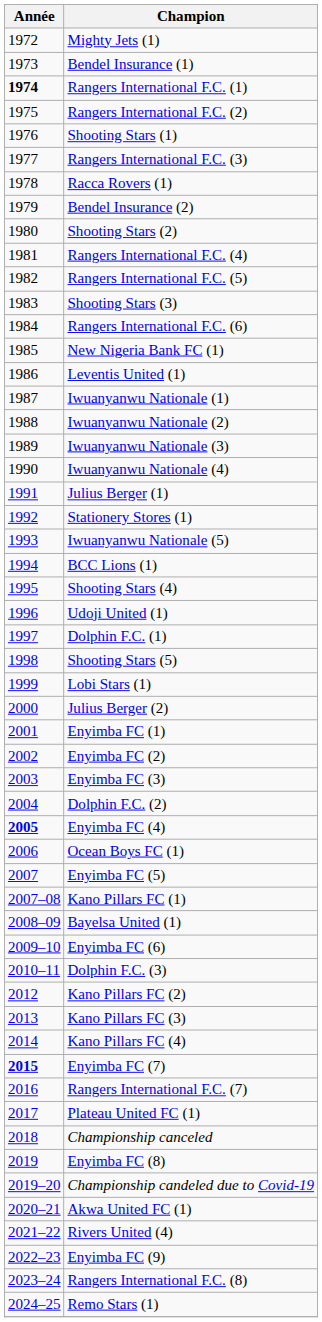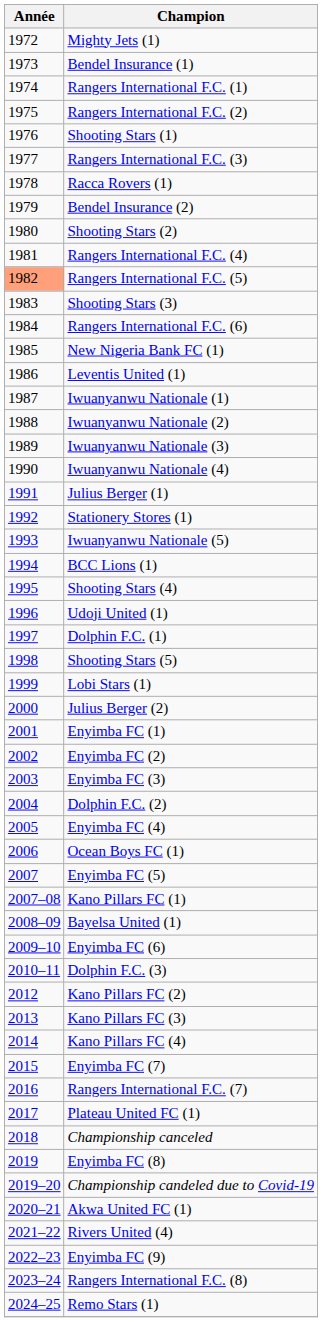 <table class="wikitable">
 <tr>
 <th>Année</th>
 <th>Champion</th>
 </tr>
 <tr>
 <td>1972</td>
 <td><a href='#'>Mighty Jets</a> (1)</td>
 </tr>
 <tr>
 <td>1973</td>
 <td><a href='#'>Bendel Insurance</a> (1)</td>
 </tr>
 <tr>
-<td><strong>1974</strong></td>
+<td>1974</td>
 <td><a href='#'>Rangers International F.C.</a> (1)</td>
 </tr>
 <tr>
 <td>1975</td>
 <td><a href='#'>Rangers International F.C.</a> (2)</td>
 </tr>
 <tr>
 <td>1976</td>
 <td><a href='#'>Shooting Stars</a> (1)</td>
 </tr>
 <tr>
 <td>1977</td>
 <td><a href='#'>Rangers International F.C.</a> (3)</td>
 </tr>
 <tr>
 <td>1978</td>
 <td><a href='#'>Racca Rovers</a> (1)</td>
 </tr>
 <tr>
 <td>1979</td>
 <td><a href='#'>Bendel Insurance</a> (2)</td>
 </tr>
 <tr>
 <td>1980</td>
 <td><a href='#'>Shooting Stars</a> (2)</td>
 </tr>
 <tr>
 <td>1981</td>
 <td><a href='#'>Rangers International F.C.</a> (4)</td>
 </tr>
 <tr>
-<td>1982</td>
+<td style="background: lightsalmon;">1982</td>
 <td><a href='#'>Rangers International F.C.</a> (5)</td>
 </tr>
 <tr>
 <td>1983</td>
 <td><a href='#'>Shooting Stars</a> (3)</td>
 </tr>
 <tr>
 <td>1984</td>
 <td><a href='#'>Rangers International F.C.</a> (6)</td>
 </tr>
 <tr>
 <td>1985</td>
 <td><a href='#'>New Nigeria Bank FC</a> (1)</td>
 </tr>
 <tr>
 <td>1986</td>
 <td><a href='#'>Leventis United</a> (1)</td>
 </tr>
 <tr>
 <td>1987</td>
 <td><a href='#'>Iwuanyanwu Nationale</a> (1)</td>
 </tr>
 <tr>
 <td>1988</td>
 <td><a href='#'>Iwuanyanwu Nationale</a> (2)</td>
 </tr>
 <tr>
 <td>1989</td>
 <td><a href='#'>Iwuanyanwu Nationale</a> (3)</td>
 </tr>
 <tr>
 <td>1990</td>
 <td><a href='#'>Iwuanyanwu Nationale</a> (4)</td>
 </tr>
 <tr>
 <td><a href='#'>1991</a></td>
 <td><a href='#'>Julius Berger</a> (1)</td>
 </tr>
 <tr>
 <td><a href='#'>1992</a></td>
 <td><a href='#'>Stationery Stores</a> (1)</td>
 </tr>
 <tr>
 <td><a href='#'>1993</a></td>
 <td><a href='#'>Iwuanyanwu Nationale</a> (5)</td>
 </tr>
 <tr>
 <td><a href='#'>1994</a></td>
 <td><a href='#'>BCC Lions</a> (1)</td>
 </tr>
 <tr>
 <td><a href='#'>1995</a></td>
 <td><a href='#'>Shooting Stars</a> (4)</td>
 </tr>
 <tr>
 <td><a href='#'>1996</a></td>
 <td><a href='#'>Udoji United</a> (1)</td>
 </tr>
 <tr>
 <td><a href='#'>1997</a></td>
 <td><a href='#'>Dolphin F.C.</a> (1)</td>
 </tr>
 <tr>
 <td><a href='#'>1998</a></td>
 <td><a href='#'>Shooting Stars</a> (5)</td>
 </tr>
 <tr>
 <td><a href='#'>1999</a></td>
 <td><a href='#'>Lobi Stars</a> (1)</td>
 </tr>
 <tr>
 <td><a href='#'>2000</a></td>
 <td><a href='#'>Julius Berger</a> (2)</td>
 </tr>
 <tr>
 <td><a href='#'>2001</a></td>
 <td><a href='#'>Enyimba FC</a> (1)</td>
 </tr>
 <tr>
 <td><a href='#'>2002</a></td>
 <td><a href='#'>Enyimba FC</a> (2)</td>
 </tr>
 <tr>
 <td><a href='#'>2003</a></td>
 <td><a href='#'>Enyimba FC</a> (3)</td>
 </tr>
 <tr>
 <td><a href='#'>2004</a></td>
 <td><a href='#'>Dolphin F.C.</a> (2)</td>
 </tr>
 <tr>
-<td><strong><a href='#'>2005</a></strong></td>
+<td><a href='#'>2005</a></td>
 <td><a href='#'>Enyimba FC</a> (4)</td>
 </tr>
 <tr>
 <td><a href='#'>2006</a></td>
 <td><a href='#'>Ocean Boys FC</a> (1)</td>
 </tr>
 <tr>
 <td><a href='#'>2007</a></td>
 <td><a href='#'>Enyimba FC</a> (5)</td>
 </tr>
 <tr>
 <td><a href='#'>2007–08</a></td>
 <td><a href='#'>Kano Pillars FC</a> (1)</td>
 </tr>
 <tr>
 <td><a href='#'>2008–09</a></td>
 <td><a href='#'>Bayelsa United</a> (1)</td>
 </tr>
 <tr>
 <td><a href='#'>2009–10</a></td>
 <td><a href='#'>Enyimba FC</a> (6)</td>
 </tr>
 <tr>
 <td><a href='#'>2010–11</a></td>
 <td><a href='#'>Dolphin F.C.</a> (3)</td>
 </tr>
 <tr>
 <td><a href='#'>2012</a></td>
 <td><a href='#'>Kano Pillars FC</a> (2)</td>
 </tr>
 <tr>
 <td><a href='#'>2013</a></td>
 <td><a href='#'>Kano Pillars FC</a> (3)</td>
 </tr>
 <tr>
 <td><a href='#'>2014</a></td>
 <td><a href='#'>Kano Pillars FC</a> (4)</td>
 </tr>
 <tr>
-<td><strong><a href='#'>2015</a></strong></td>
+<td><a href='#'>2015</a></td>
 <td><a href='#'>Enyimba FC</a> (7)</td>
 </tr>
 <tr>
 <td><a href='#'>2016</a></td>
 <td><a href='#'>Rangers International F.C.</a> (7)</td>
 </tr>
 <tr>
 <td><a href='#'>2017</a></td>
 <td><a href='#'>Plateau United FC</a> (1)</td>
 </tr>
 <tr>
 <td><a href='#'>2018</a></td>
 <td><em>Championship canceled</em></td>
 </tr>
 <tr>
 <td><a href='#'>2019</a></td>
 <td><a href='#'>Enyimba FC</a> (8)</td>
 </tr>
 <tr>
 <td><a href='#'>2019–20</a></td>
 <td><em>Championship candeled due to <a href='#'>Covid-19</a></em></td>
 </tr>
 <tr>
 <td><a href='#'>2020–21</a></td>
 <td><a href='#'>Akwa United FC</a> (1)</td>
 </tr>
 <tr>
 <td><a href='#'>2021–22</a></td>
 <td><a href='#'>Rivers United</a> (4)</td>
 </tr>
 <tr>
 <td><a href='#'>2022–23</a></td>
 <td><a href='#'>Enyimba FC</a> (9)</td>
 </tr>
 <tr>
 <td><a href='#'>2023–24</a></td>
 <td><a href='#'>Rangers International F.C.</a> (8)</td>
 </tr>
 <tr>
 <td><a href='#'>2024–25</a></td>
 <td><a href='#'>Remo Stars</a> (1)</td>
 </tr>
 <tr>
 </tr>
 </table>
